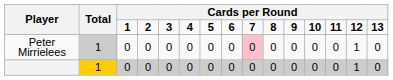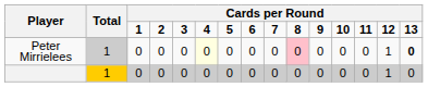 <table class="wikitable" style="text-align:center; line-height: 90%; font-size:90%;" width=80%>
 <tr>
 <th rowspan=2 width=18%>Player</th>
 <th rowspan=2 width=9%>Total</th>
 <th colspan=13>Cards per Round</th>
 </tr>
 <tr>
 <td width=5%><strong>1</strong></td>
 <td width=5%><strong>2</strong></td>
 <td width=5%><strong>3</strong></td>
 <td width=5%><strong>4</strong></td>
 <td width=5%><strong>5</strong></td>
 <td width=5%><strong>6</strong></td>
 <td width=5%><strong>7</strong></td>
 <td width=5%><strong>8</strong></td>
 <td width=5%><strong>9</strong></td>
 <td width=5%><strong>10</strong></td>
 <td width=5%><strong>11</strong></td>
 <td width=5%><strong>12</strong></td>
 <td width=5%><strong>13</strong></td>
 </tr>
 <tr>
 <td>Peter Mirrielees</td>
 <td bgcolor=#cccccc>1</td>
 <td>0</td>
 <td>0</td>
 <td>0</td>
+<td style="background: lightyellow;">0</td>
 <td>0</td>
 <td>0</td>
 <td>0</td>
 <td style="background: pink;">0</td>
 <td>0</td>
 <td>0</td>
 <td>0</td>
-<td>0</td>
 <td>1</td>
-<td>0</td>
+<td><strong>0</strong></td>
 </tr>
 <tr>
 <th></th>
 <td bgcolor=#ffcc00>1</td>
 <td bgcolor=#cccccc>0</td>
 <td bgcolor=#cccccc>0</td>
 <td bgcolor=#cccccc>0</td>
 <td bgcolor=#cccccc>0</td>
 <td bgcolor=#cccccc>0</td>
 <td bgcolor=#cccccc>0</td>
 <td bgcolor=#cccccc>0</td>
 <td bgcolor=#cccccc>0</td>
 <td bgcolor=#cccccc>0</td>
 <td bgcolor=#cccccc>0</td>
 <td bgcolor=#cccccc>0</td>
 <td bgcolor=#cccccc>1</td>
 <td bgcolor=#cccccc>0</td>
 </tr>
 </table>
